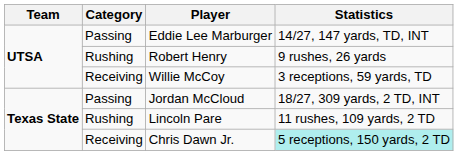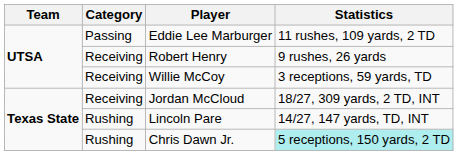 <table class="wikitable" style="float: right;">
 <tr>
 <th>Team</th>
 <th>Category</th>
 <th>Player</th>
 <th>Statistics</th>
 </tr>
 <tr>
 <td rowspan=3><strong>UTSA</strong></td>
 <td>Passing</td>
 <td>Eddie Lee Marburger</td>
-<td>14/27, 147 yards, TD, INT</td>
+<td>11 rushes, 109 yards, 2 TD</td>
 </tr>
 <tr>
-<td>Rushing</td>
+<td>Receiving</td>
 <td>Robert Henry</td>
 <td>9 rushes, 26 yards</td>
 </tr>
 <tr>
 <td>Receiving</td>
 <td>Willie McCoy</td>
 <td>3 receptions, 59 yards, TD</td>
 </tr>
 <tr>
 <td rowspan=3><strong>Texas State</strong></td>
-<td>Passing</td>
+<td>Receiving</td>
 <td>Jordan McCloud</td>
 <td>18/27, 309 yards, 2 TD, INT</td>
 </tr>
 <tr>
 <td>Rushing</td>
 <td>Lincoln Pare</td>
-<td>11 rushes, 109 yards, 2 TD</td>
+<td>14/27, 147 yards, TD, INT</td>
 </tr>
 <tr>
-<td>Receiving</td>
+<td>Rushing</td>
 <td>Chris Dawn Jr.</td>
 <td style="background: paleturquoise;">5 receptions, 150 yards, 2 TD</td>
 </tr>
 </table>
